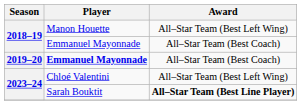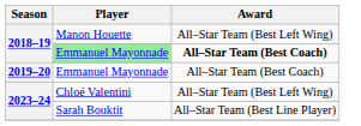 <table class="wikitable" style="text-align: center;">
 <tr>
 <th>Season</th>
 <th class="unsortable">Player</th>
 <th>Award</th>
 </tr>
 <tr>
 <th rowspan="2"><a href='#'>2018–19</a></th>
 <td style="text-align: left;"> <a href='#'>Manon Houette</a></td>
 <td>All–Star Team (Best Left Wing)</td>
 </tr>
 <tr>
-<td style="text-align: left;"> <a href='#'>Emmanuel Mayonnade</a></td>
-<td>All–Star Team (Best Coach)</td>
+<td style="background: lightgreen; text-align: left;"> <a href='#'>Emmanuel Mayonnade</a></td>
+<td><strong>All–Star Team (Best Coach)</strong></td>
 </tr>
 <tr>
 <th rowspan="1"><a href='#'>2019–20</a></th>
-<td style="text-align: left;"><strong> <a href='#'>Emmanuel Mayonnade</a></strong></td>
+<td style="text-align: left;"> <a href='#'>Emmanuel Mayonnade</a></td>
 <td>All–Star Team (Best Coach)</td>
 </tr>
 <tr>
 <th rowspan="2"><a href='#'>2023–24</a></th>
 <td style="text-align: left;"> <a href='#'>Chloé Valentini</a></td>
 <td>All–Star Team (Best Left Wing)</td>
 </tr>
 <tr>
 <td style="text-align: left;"> <a href='#'>Sarah Bouktit</a></td>
-<td><strong>All–Star Team (Best Line Player)</strong></td>
+<td>All–Star Team (Best Line Player)</td>
 </tr>
 <tr>
 </tr>
 </table>
